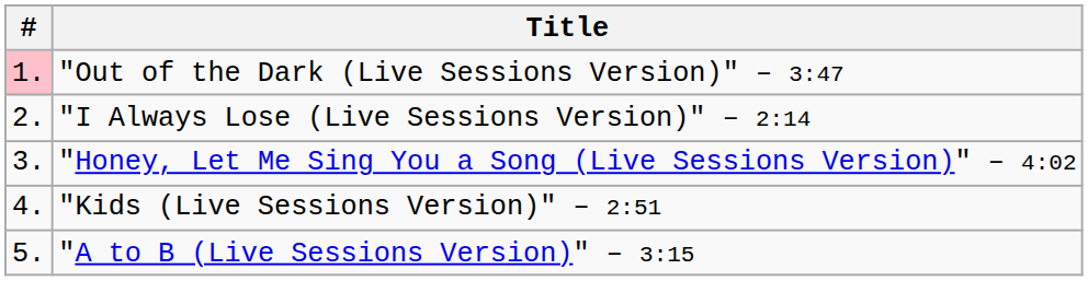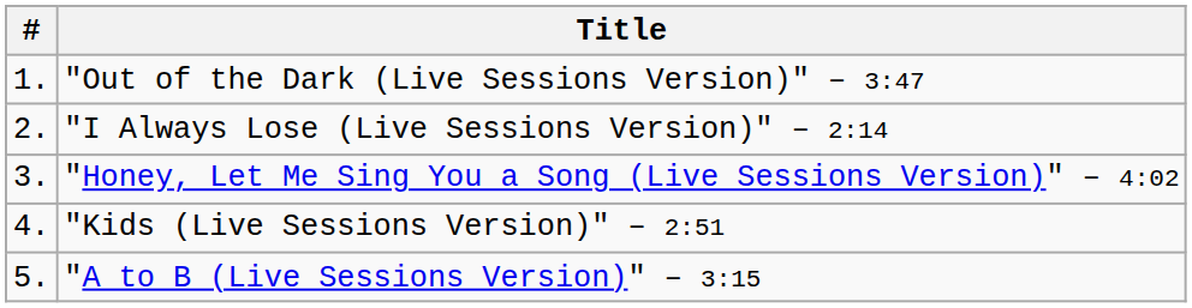 <table class="wikitable">
 <tr>
 <th>#</th>
 <th>Title</th>
 </tr>
 <tr>
-<td style="background: pink;">1.</td>
+<td>1.</td>
 <td>"Out of the Dark (Live Sessions Version)" – <small>3:47</small></td>
 </tr>
 <tr>
 <td>2.</td>
 <td>"I Always Lose (Live Sessions Version)" – <small>2:14</small></td>
 </tr>
 <tr>
 <td>3.</td>
 <td>"<a href='#'>Honey, Let Me Sing You a Song (Live Sessions Version)</a>" – <small>4:02</small></td>
 </tr>
 <tr>
 <td>4.</td>
 <td>"Kids (Live Sessions Version)" – <small>2:51</small></td>
 </tr>
 <tr>
 <td>5.</td>
 <td>"<a href='#'>A to B (Live Sessions Version)</a>" – <small>3:15</small></td>
 </tr>
 </table>
